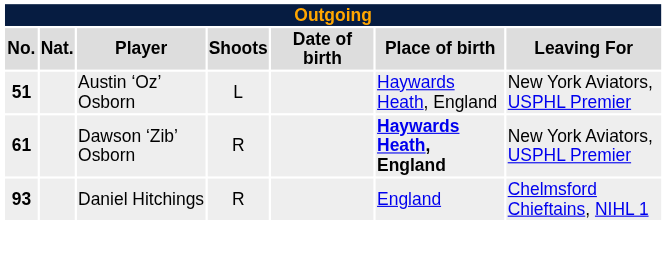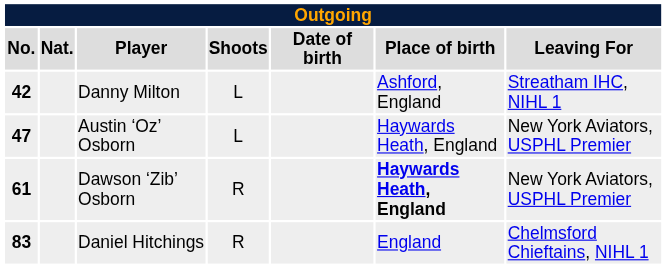 <table class="toccolours" style="width:97%; clear:both; margin:1.5em auto; text-align:center;">
 <tr>
 <th colspan="7" style="background:#061c41; color:#ffa600;”">Outgoing</th>
 </tr>
 <tr style="background:#ddd;">
 <th width="5%">No.</th>
 <th width="5%">Nat.</th>
 <th>Player</th>
 <th width="7%">Shoots</th>
 <th width="16%">Date of birth</th>
 <th width="20%">Place of birth</th>
 <th width="24%">Leaving For</th>
 </tr>
 <tr style="background:#eee;">
-<td><strong>51</strong></td>
+<td><strong>42</strong></td>
+<td></td>
+<td align=left>Danny Milton</td>
+<td>L</td>
+<td align=left></td>
+<td align=left><a href='#'>Ashford</a>, England</td>
+<td align=left><a href='#'>Streatham IHC</a>, <a href='#'>NIHL 1</a></td>
+</tr>
+<tr style="background:#eee;">
+<td><strong>47</strong></td>
 <td></td>
 <td align=left>Austin ‘Oz’ Osborn</td>
 <td>L</td>
 <td align=left></td>
 <td align=left><a href='#'>Haywards Heath</a>, England</td>
 <td align=left>New York Aviators, <a href='#'>USPHL Premier</a></td>
 </tr>
 <tr style="background:#eee;">
 <td><strong>61</strong></td>
 <td></td>
 <td align=left>Dawson ‘Zib’ Osborn</td>
 <td>R</td>
 <td align=left></td>
 <td align=left><strong><a href='#'>Haywards Heath</a>, England</strong></td>
 <td align=left>New York Aviators, <a href='#'>USPHL Premier</a></td>
 </tr>
 <tr style="background:#eee;">
-<td><strong>93</strong></td>
+<td><strong>83</strong></td>
 <td></td>
 <td align=left>Daniel Hitchings</td>
 <td>R</td>
 <td align=left></td>
 <td align=left><a href='#'>England</a></td>
 <td align=left><a href='#'>Chelmsford Chieftains</a>, <a href='#'>NIHL 1</a></td>
 </tr>
 </table>
